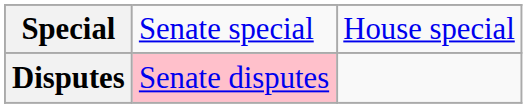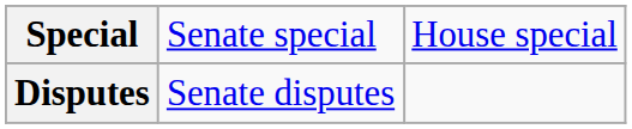 <table class=wikitable>
 <tr>
 <th>Special</th>
 <td><a href='#'>Senate special</a></td>
 <td><a href='#'>House special</a></td>
 </tr>
 <tr>
 <th>Disputes</th>
-<td style="background: pink;"><a href='#'>Senate disputes</a></td>
+<td><a href='#'>Senate disputes</a></td>
 </tr>
 </table>
